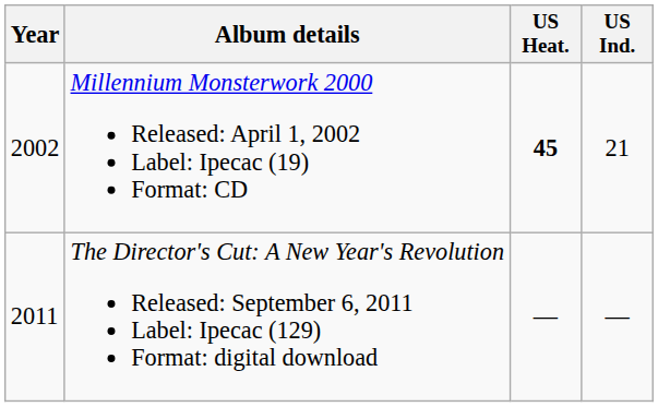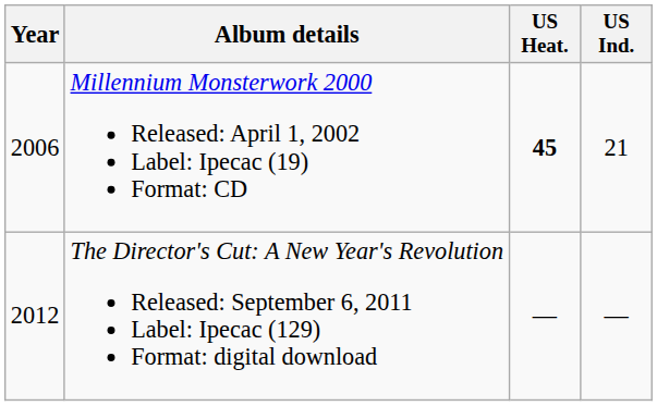 <table class="wikitable">
 <tr>
 <th>Year</th>
 <th>Album details</th>
 <th style="width:3em;font-size:85%;">US<br>Heat.</th>
 <th style="width:3em;font-size:85%;">US<br>Ind.<br></th>
 </tr>
 <tr>
-<td>2002</td>
+<td>2006</td>
 <td style="text-align:left;"><em><a href='#'>Millennium Monsterwork 2000</a></em><br><ul><li>Released: April 1, 2002</li><li>Label: Ipecac (19)</li><li>Format: CD</li></ul></td>
 <td style="text-align:center;"><strong>45</strong></td>
 <td style="text-align:center;">21</td>
 </tr>
 <tr>
-<td>2011</td>
+<td>2012</td>
 <td style="text-align:left;"><em>The Director's Cut: A New Year's Revolution</em><br><ul><li>Released: September 6, 2011</li><li>Label: Ipecac (129)</li><li>Format: digital download</li></ul></td>
 <td style="text-align:center;">—</td>
 <td style="text-align:center;">—</td>
 </tr>
 </table>
